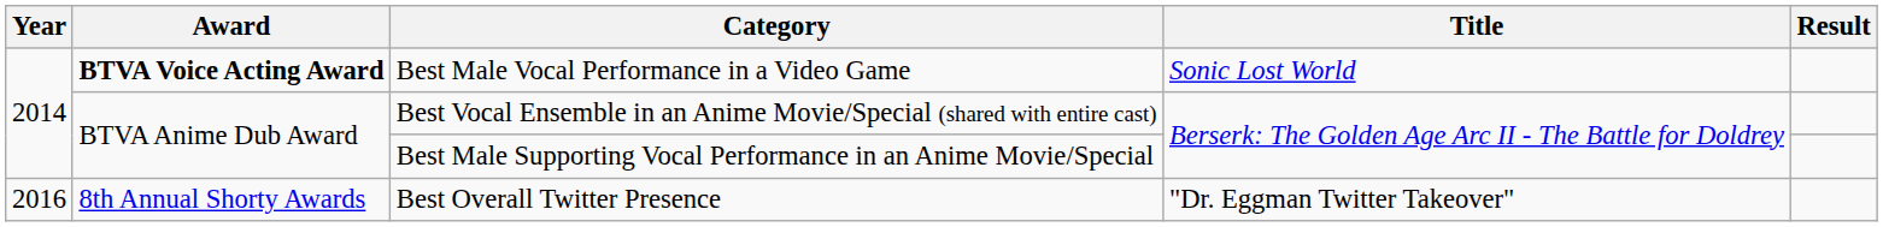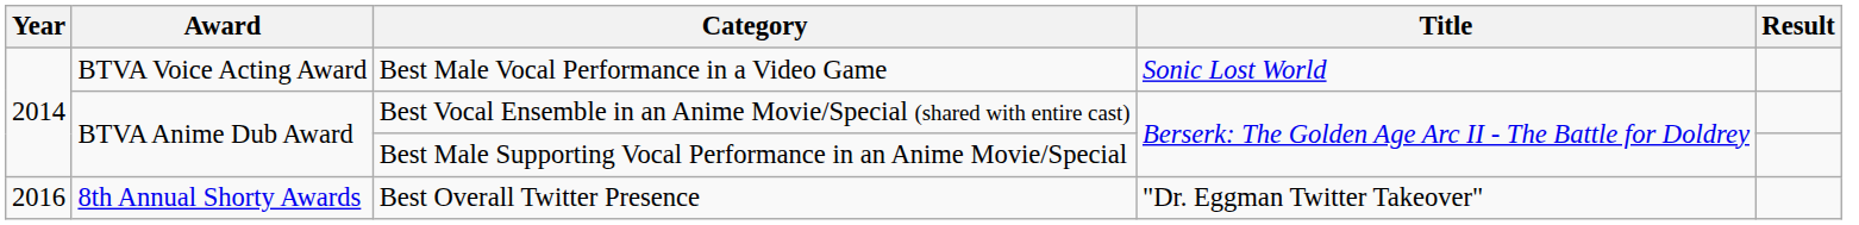 <table class="wikitable">
 <tr>
 <th>Year</th>
 <th>Award</th>
 <th>Category</th>
 <th>Title</th>
 <th>Result</th>
 </tr>
 <tr>
 <td rowspan="3">2014</td>
-<td><strong>BTVA Voice Acting Award</strong></td>
+<td>BTVA Voice Acting Award</td>
 <td>Best Male Vocal Performance in a Video Game</td>
 <td><em><a href='#'>Sonic Lost World</a></em></td>
 <td></td>
 </tr>
 <tr>
 <td rowspan="2">BTVA Anime Dub Award</td>
 <td>Best Vocal Ensemble in an Anime Movie/Special <small>(shared with entire cast)</small></td>
 <td rowspan="2"><em><a href='#'>Berserk: The Golden Age Arc II - The Battle for Doldrey</a></em></td>
 <td></td>
 </tr>
 <tr>
 <td>Best Male Supporting Vocal Performance in an Anime Movie/Special</td>
 <td></td>
 </tr>
 <tr>
 <td>2016</td>
 <td><a href='#'>8th Annual Shorty Awards</a></td>
 <td>Best Overall Twitter Presence</td>
 <td>"Dr. Eggman Twitter Takeover"</td>
 <td></td>
 </tr>
 </table>
